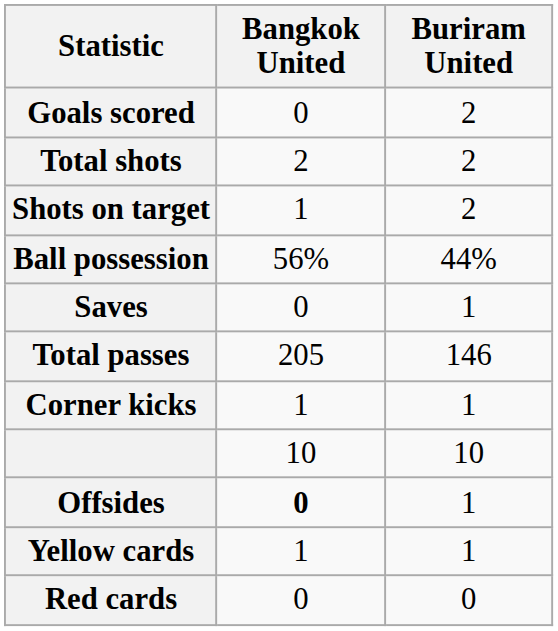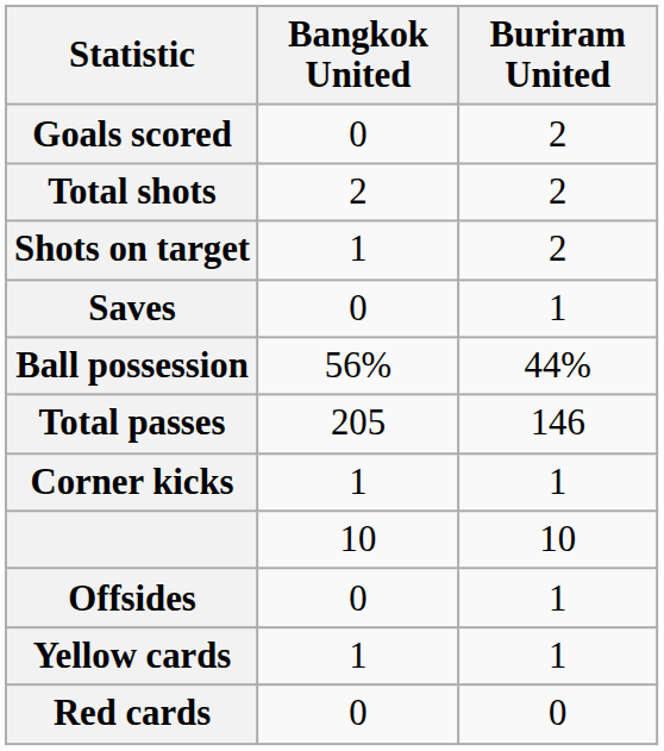 <table class="wikitable plainrowheaders" style="text-align:center">
 <tr>
 <th scope="col">Statistic</th>
 <th scope="col" style="width:80px">Bangkok United</th>
 <th scope="col" style="width:80px">Buriram United</th>
 </tr>
 <tr>
 <th scope=row>Goals scored</th>
 <td>0</td>
 <td>2</td>
 </tr>
 <tr>
 <th scope=row>Total shots</th>
 <td>2</td>
 <td>2</td>
 </tr>
 <tr>
 <th scope=row>Shots on target</th>
 <td>1</td>
 <td>2</td>
 </tr>
 <tr>
+<th scope=row>Saves</th>
+<td>0</td>
+<td>1</td>
+</tr>
+<tr>
 <th scope=row>Ball possession</th>
 <td>56%</td>
 <td>44%</td>
-</tr>
-<tr>
-<th scope=row>Saves</th>
-<td>0</td>
-<td>1</td>
 </tr>
 <tr>
 <th scope=row>Total passes</th>
 <td>205</td>
 <td>146</td>
 </tr>
 <tr>
 <th scope=row>Corner kicks</th>
 <td>1</td>
 <td>1</td>
 </tr>
 <tr>
 <th scope=row></th>
 <td>10</td>
 <td>10</td>
 </tr>
 <tr>
 <th scope=row>Offsides</th>
-<td><strong>0</strong></td>
+<td>0</td>
 <td>1</td>
 </tr>
 <tr>
 <th scope=row>Yellow cards</th>
 <td>1</td>
 <td>1</td>
 </tr>
 <tr>
 <th scope=row>Red cards</th>
 <td>0</td>
 <td>0</td>
 </tr>
 </table>
